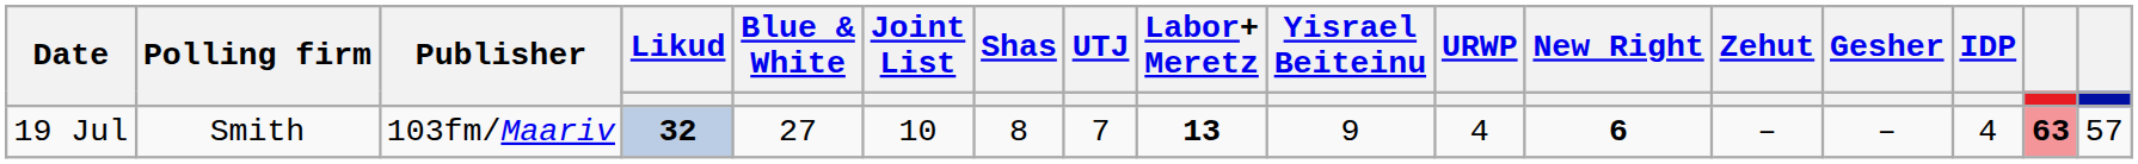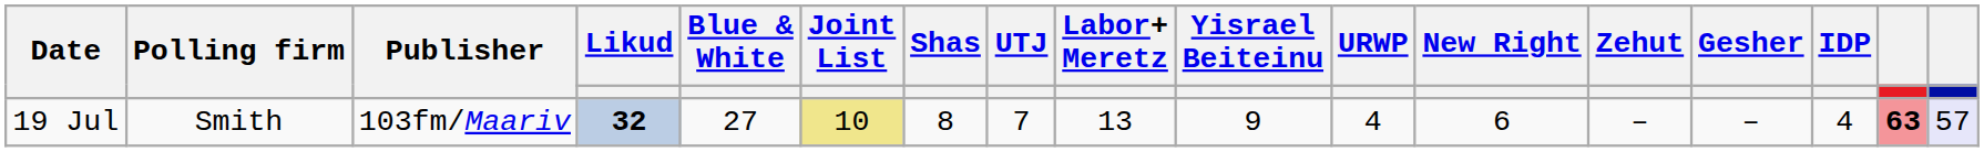 <table class="wikitable sortable" style="text-align:center;font-size:90%;line-height:13px">
 <tr>
 <th rowspan="2">Date</th>
 <th rowspan="2">Polling firm</th>
 <th rowspan="2">Publisher</th>
 <th><a href='#'>Likud</a></th>
 <th><a href='#'>Blue &<br>White</a></th>
 <th><a href='#'>Joint<br>List</a></th>
 <th><a href='#'>Shas</a></th>
 <th><a href='#'>UTJ</a></th>
 <th><a href='#'>Labor</a>+<br><a href='#'>Meretz</a></th>
 <th><a href='#'>Yisrael<br>Beiteinu</a></th>
 <th><a href='#'>URWP</a></th>
 <th><a href='#'>New Right</a></th>
 <th><a href='#'>Zehut</a></th>
 <th><a href='#'>Gesher</a></th>
 <th><a href='#'>IDP</a></th>
 <th></th>
 <th></th>
 </tr>
 <tr>
 <th style="background:"></th>
 <th style="background:"></th>
 <th style="background:"></th>
 <th style="background:"></th>
 <th style="background:"></th>
 <th style="background:"></th>
 <th style="background:"></th>
 <th style="background:"></th>
 <th style="background:"></th>
 <th style="background:"></th>
 <th style="background:"></th>
 <th style="background:"></th>
 <th style="background:#E81B23;"></th>
 <th style="background:#000EA3;"></th>
 </tr>
 <tr>
 <td data-sort-value="2019-07-19">19 Jul</td>
 <td>Smith</td>
 <td>103fm/<em><a href='#'>Maariv</a></em></td>
 <td style="background:#BBCDE4"><strong>32</strong>	</td>
 <td>27					</td>
-<td>10					</td>
+<td style="background: khaki;">10					</td>
 <td>8					</td>
 <td>7					</td>
-<td><strong>13					</strong></td>
+<td>13					</td>
 <td>9					</td>
 <td>4					</td>
-<td><strong>6					</strong></td>
+<td>6					</td>
 <td>–					</td>
 <td>–					</td>
 <td>4					</td>
 <td style="background:#F4959A"><strong>63</strong>	</td>
-<td>57					</td>
+<td style="background: lavender;">57					</td>
 </tr>
 </table>
